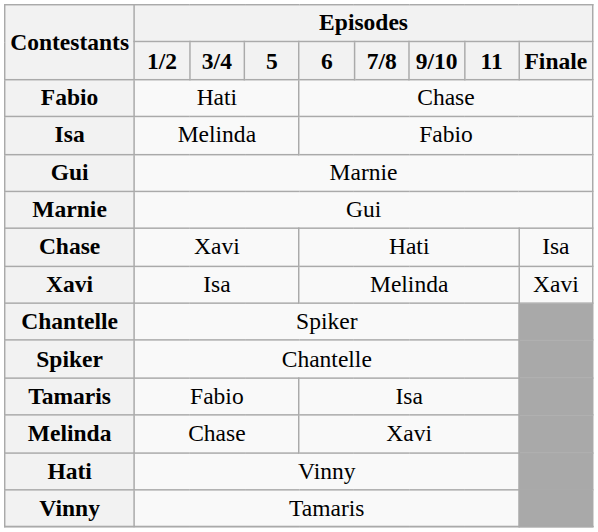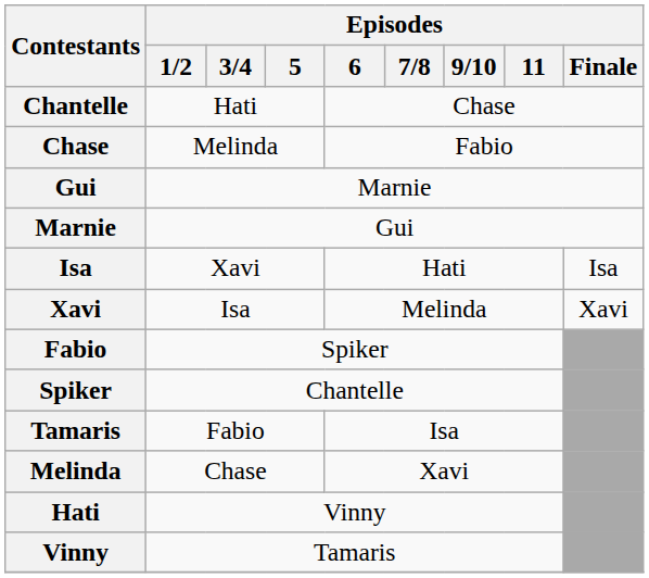 <table class="wikitable" style="text-align:center; white-space:nowrap">
 <tr>
 <th rowspan=2>Contestants</th>
 <th colspan="8">Episodes</th>
 </tr>
 <tr>
 <th width=30px>1/2</th>
 <th width=30px>3/4</th>
 <th width=30px>5</th>
 <th width=30px>6</th>
 <th width=30px>7/8</th>
 <th width=30px>9/10</th>
 <th width=30px>11</th>
 <th width=30px>Finale</th>
 </tr>
 <tr>
-<th>Fabio</th>
+<th>Chantelle</th>
 <td colspan="3">Hati</td>
 <td colspan="5">Chase</td>
 </tr>
 <tr>
-<th>Isa</th>
+<th>Chase</th>
 <td colspan="3">Melinda</td>
 <td colspan="5">Fabio</td>
 </tr>
 <tr>
 <th>Gui</th>
 <td colspan="8">Marnie</td>
 </tr>
 <tr>
 <th>Marnie</th>
 <td colspan="8">Gui</td>
 </tr>
 <tr>
-<th>Chase</th>
+<th>Isa</th>
 <td colspan="3">Xavi</td>
 <td colspan="4">Hati</td>
 <td>Isa</td>
 </tr>
 <tr>
 <th>Xavi</th>
 <td colspan="3">Isa</td>
 <td colspan="4">Melinda</td>
 <td>Xavi</td>
 </tr>
 <tr>
-<th>Chantelle</th>
+<th>Fabio</th>
 <td colspan="7">Spiker</td>
 <td style="background:darkgray"></td>
 </tr>
 <tr>
 <th>Spiker</th>
 <td colspan="7">Chantelle</td>
 <td style="background:darkgray"></td>
 </tr>
 <tr>
 <th>Tamaris</th>
 <td colspan="3">Fabio</td>
 <td colspan="4">Isa</td>
 <td style="background:darkgray"></td>
 </tr>
 <tr>
 <th>Melinda</th>
 <td colspan="3">Chase</td>
 <td colspan="4">Xavi</td>
 <td style="background:darkgray"></td>
 </tr>
 <tr>
 <th>Hati</th>
 <td colspan="7">Vinny</td>
 <td style="background:darkgray"></td>
 </tr>
 <tr>
 <th>Vinny</th>
 <td colspan="7">Tamaris</td>
 <td style="background:darkgray"></td>
 </tr>
 <tr>
 </tr>
 </table>
